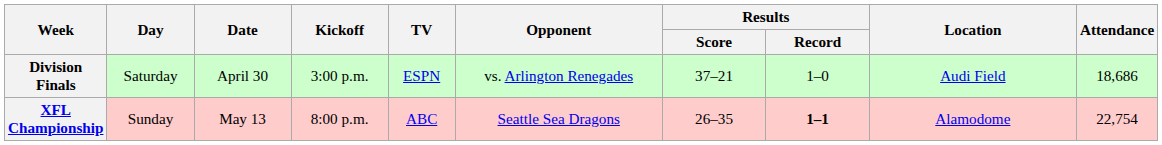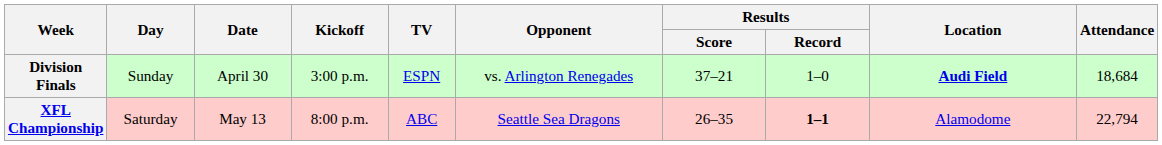 <table class="wikitable" style="text-align:center; font-size: 95%;">
 <tr>
 <th rowspan="2" width="40">Week</th>
 <th rowspan="2" width="80">Day</th>
 <th rowspan="2" width="90">Date</th>
 <th rowspan="2" width="90">Kickoff</th>
 <th rowspan="2" width="60">TV</th>
 <th rowspan="2" width="200">Opponent</th>
 <th colspan="2" width="200">Results</th>
 <th rowspan="2" width="200">Location</th>
 <th rowspan="2">Attendance</th>
 </tr>
 <tr>
 <th width="60">Score</th>
 <th width="60">Record</th>
 </tr>
 <tr style="background:#ccffcc">
 <th>Division Finals</th>
-<td>Saturday</td>
+<td>Sunday</td>
 <td>April 30</td>
 <td>3:00 p.m.</td>
 <td><a href='#'>ESPN</a></td>
 <td>vs. <a href='#'>Arlington Renegades</a></td>
 <td>37–21</td>
 <td>1–0</td>
-<td><a href='#'>Audi Field</a></td>
-<td>18,686</td>
+<td><strong><a href='#'>Audi Field</a></strong></td>
+<td>18,684</td>
 </tr>
 <tr style="background:#ffcccc">
 <th><a href='#'>XFL Championship</a></th>
-<td>Sunday</td>
+<td>Saturday</td>
 <td>May 13</td>
 <td>8:00 p.m.</td>
 <td><a href='#'>ABC</a></td>
 <td><a href='#'>Seattle Sea Dragons</a></td>
 <td>26–35</td>
 <td><strong>1–1</strong></td>
 <td><a href='#'>Alamodome</a></td>
-<td>22,754</td>
+<td>22,794</td>
 </tr>
 </table>
